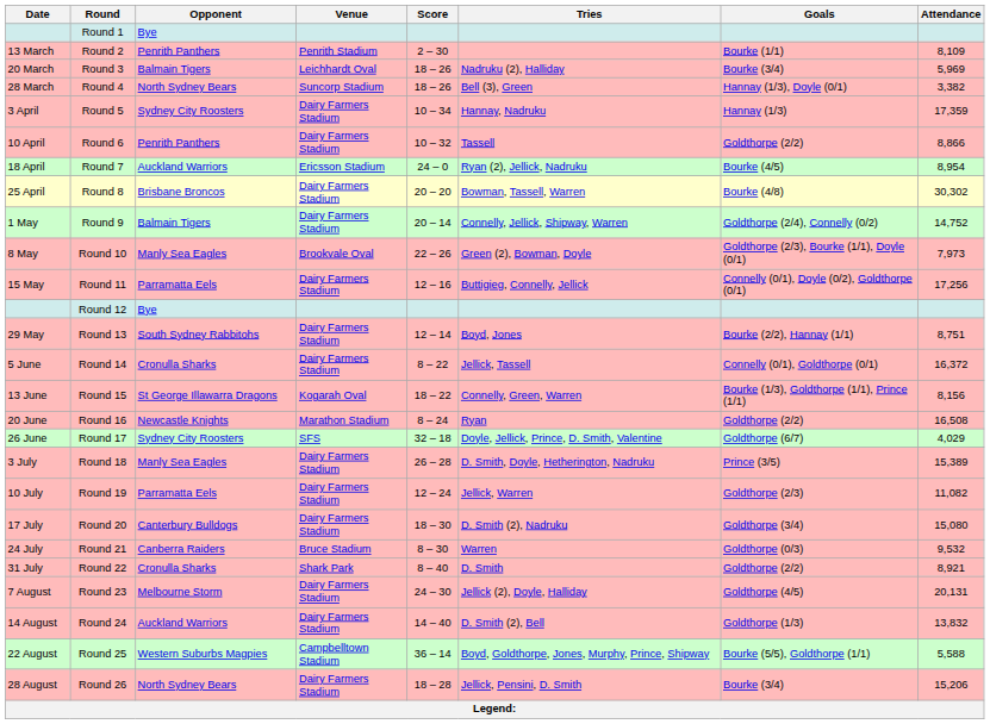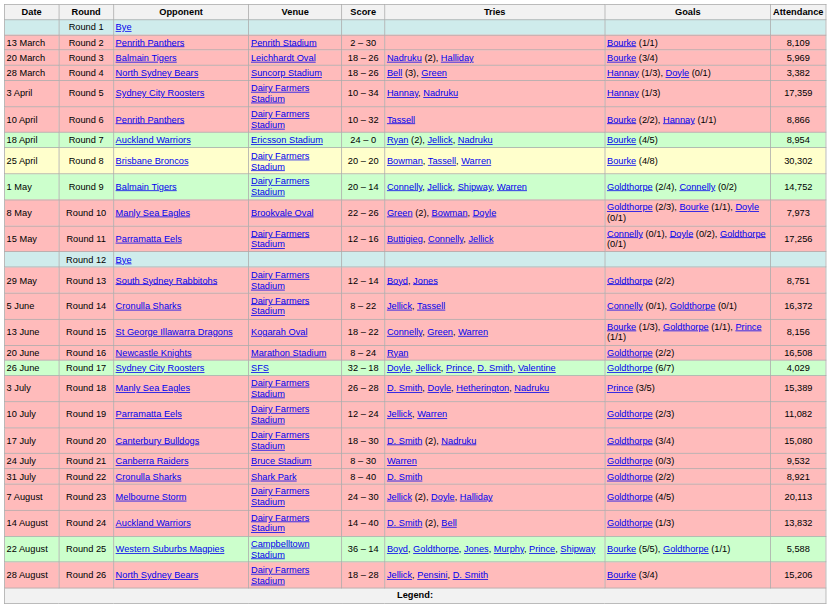 <table class="wikitable" style="font-size:75%;">
 <tr>
 <th style="width:65px;">Date</th>
 <th style="width:65px;">Round</th>
 <th style="width:170px;">Opponent</th>
 <th style="width:115px;">Venue</th>
 <th style="width:50px;">Score</th>
 <th style="width:280px;">Tries</th>
 <th style="width:210px;">Goals</th>
 <th style="width:60px;">Attendance</th>
 </tr>
 <tr style="background:#cfecec;">
 <td></td>
 <td style="text-align:center;">Round 1</td>
 <td><a href='#'>Bye</a></td>
 <td></td>
 <td></td>
 <td></td>
 <td></td>
 <td></td>
 </tr>
 <tr style="background:#FFBBBB">
 <td>13 March</td>
 <td style="text-align:center;">Round 2</td>
 <td> <a href='#'>Penrith Panthers</a></td>
 <td><a href='#'>Penrith Stadium</a></td>
 <td style="text-align:center;">2 – 30</td>
 <td></td>
 <td><a href='#'>Bourke</a> (1/1)</td>
 <td style="text-align:center;">8,109</td>
 </tr>
 <tr style="background:#FFBBBB">
 <td>20 March</td>
 <td style="text-align:center;">Round 3</td>
 <td> <a href='#'>Balmain Tigers</a></td>
 <td><a href='#'>Leichhardt Oval</a></td>
 <td style="text-align:center;">18 – 26</td>
 <td><a href='#'>Nadruku</a> (2), <a href='#'>Halliday</a></td>
 <td><a href='#'>Bourke</a> (3/4)</td>
 <td style="text-align:center;">5,969</td>
 </tr>
 <tr style="background:#FFBBBB">
 <td>28 March</td>
 <td style="text-align:center;">Round 4</td>
 <td> <a href='#'>North Sydney Bears</a></td>
 <td><a href='#'>Suncorp Stadium</a></td>
 <td style="text-align:center;">18 – 26</td>
 <td><a href='#'>Bell</a> (3), <a href='#'>Green</a></td>
 <td><a href='#'>Hannay</a> (1/3), <a href='#'>Doyle</a> (0/1)</td>
 <td style="text-align:center;">3,382</td>
 </tr>
 <tr style="background:#FFBBBB">
 <td>3 April</td>
 <td style="text-align:center;">Round 5</td>
 <td> <a href='#'>Sydney City Roosters</a></td>
 <td><a href='#'>Dairy Farmers Stadium</a></td>
 <td style="text-align:center;">10 – 34</td>
 <td><a href='#'>Hannay</a>, <a href='#'>Nadruku</a></td>
 <td><a href='#'>Hannay</a> (1/3)</td>
 <td style="text-align:center;">17,359</td>
 </tr>
 <tr style="background:#FFBBBB">
 <td>10 April</td>
 <td style="text-align:center;">Round 6</td>
 <td> <a href='#'>Penrith Panthers</a></td>
 <td><a href='#'>Dairy Farmers Stadium</a></td>
 <td style="text-align:center;">10 – 32</td>
 <td><a href='#'>Tassell</a></td>
-<td><a href='#'>Goldthorpe</a> (2/2)</td>
+<td><a href='#'>Bourke</a> (2/2), <a href='#'>Hannay</a> (1/1)</td>
 <td style="text-align:center;">8,866</td>
 </tr>
 <tr style="background:#CCFFCC">
 <td>18 April</td>
 <td style="text-align:center;">Round 7</td>
 <td> <a href='#'>Auckland Warriors</a></td>
 <td><a href='#'>Ericsson Stadium</a></td>
 <td style="text-align:center;">24 – 0</td>
 <td><a href='#'>Ryan</a> (2), <a href='#'>Jellick</a>, <a href='#'>Nadruku</a></td>
 <td><a href='#'>Bourke</a> (4/5)</td>
 <td style="text-align:center;">8,954</td>
 </tr>
 <tr style="background:#FFFFCC">
 <td>25 April</td>
 <td style="text-align:center;">Round 8</td>
 <td> <a href='#'>Brisbane Broncos</a></td>
 <td><a href='#'>Dairy Farmers Stadium</a></td>
 <td style="text-align:center;">20 – 20</td>
 <td><a href='#'>Bowman</a>, <a href='#'>Tassell</a>, <a href='#'>Warren</a></td>
 <td><a href='#'>Bourke</a> (4/8)</td>
 <td style="text-align:center;">30,302</td>
 </tr>
 <tr style="background:#CCFFCC">
 <td>1 May</td>
 <td style="text-align:center;">Round 9</td>
 <td> <a href='#'>Balmain Tigers</a></td>
 <td><a href='#'>Dairy Farmers Stadium</a></td>
 <td style="text-align:center;">20 – 14</td>
 <td><a href='#'>Connelly</a>, <a href='#'>Jellick</a>, <a href='#'>Shipway</a>, <a href='#'>Warren</a></td>
 <td><a href='#'>Goldthorpe</a> (2/4), <a href='#'>Connelly</a> (0/2)</td>
 <td style="text-align:center;">14,752</td>
 </tr>
 <tr style="background:#FFBBBB">
 <td>8 May</td>
 <td style="text-align:center;">Round 10</td>
 <td> <a href='#'>Manly Sea Eagles</a></td>
 <td><a href='#'>Brookvale Oval</a></td>
 <td style="text-align:center;">22 – 26</td>
 <td><a href='#'>Green</a> (2), <a href='#'>Bowman</a>, <a href='#'>Doyle</a></td>
 <td><a href='#'>Goldthorpe</a> (2/3), <a href='#'>Bourke</a> (1/1), <a href='#'>Doyle</a> (0/1)</td>
 <td style="text-align:center;">7,973</td>
 </tr>
 <tr style="background:#FFBBBB">
 <td>15 May</td>
 <td style="text-align:center;">Round 11</td>
 <td> <a href='#'>Parramatta Eels</a></td>
 <td><a href='#'>Dairy Farmers Stadium</a></td>
 <td style="text-align:center;">12 – 16</td>
 <td><a href='#'>Buttigieg</a>, <a href='#'>Connelly</a>, <a href='#'>Jellick</a></td>
 <td><a href='#'>Connelly</a> (0/1), <a href='#'>Doyle</a> (0/2), <a href='#'>Goldthorpe</a> (0/1)</td>
 <td style="text-align:center;">17,256</td>
 </tr>
 <tr style="background:#cfecec;">
 <td></td>
 <td style="text-align:center;">Round 12</td>
 <td><a href='#'>Bye</a></td>
 <td></td>
 <td></td>
 <td></td>
 <td></td>
 <td></td>
 </tr>
 <tr style="background:#FFBBBB">
 <td>29 May</td>
 <td style="text-align:center;">Round 13</td>
 <td> <a href='#'>South Sydney Rabbitohs</a></td>
 <td><a href='#'>Dairy Farmers Stadium</a></td>
 <td style="text-align:center;">12 – 14</td>
 <td><a href='#'>Boyd</a>, <a href='#'>Jones</a></td>
-<td><a href='#'>Bourke</a> (2/2), <a href='#'>Hannay</a> (1/1)</td>
+<td><a href='#'>Goldthorpe</a> (2/2)</td>
 <td style="text-align:center;">8,751</td>
 </tr>
 <tr style="background:#FFBBBB">
 <td>5 June</td>
 <td style="text-align:center;">Round 14</td>
 <td> <a href='#'>Cronulla Sharks</a></td>
 <td><a href='#'>Dairy Farmers Stadium</a></td>
 <td style="text-align:center;">8 – 22</td>
 <td><a href='#'>Jellick</a>, <a href='#'>Tassell</a></td>
 <td><a href='#'>Connelly</a> (0/1), <a href='#'>Goldthorpe</a> (0/1)</td>
 <td style="text-align:center;">16,372</td>
 </tr>
 <tr style="background:#FFBBBB">
 <td>13 June</td>
 <td style="text-align:center;">Round 15</td>
 <td> <a href='#'>St George Illawarra Dragons</a></td>
 <td><a href='#'>Kogarah Oval</a></td>
 <td style="text-align:center;">18 – 22</td>
 <td><a href='#'>Connelly</a>, <a href='#'>Green</a>, <a href='#'>Warren</a></td>
 <td><a href='#'>Bourke</a> (1/3), <a href='#'>Goldthorpe</a> (1/1), <a href='#'>Prince</a> (1/1)</td>
 <td style="text-align:center;">8,156</td>
 </tr>
 <tr style="background:#FFBBBB">
 <td>20 June</td>
 <td style="text-align:center;">Round 16</td>
 <td> <a href='#'>Newcastle Knights</a></td>
 <td><a href='#'>Marathon Stadium</a></td>
 <td style="text-align:center;">8 – 24</td>
 <td><a href='#'>Ryan</a></td>
 <td><a href='#'>Goldthorpe</a> (2/2)</td>
 <td style="text-align:center;">16,508</td>
 </tr>
 <tr style="background:#CCFFCC">
 <td>26 June</td>
 <td style="text-align:center;">Round 17</td>
 <td> <a href='#'>Sydney City Roosters</a></td>
 <td><a href='#'>SFS</a></td>
 <td style="text-align:center;">32 – 18</td>
 <td><a href='#'>Doyle</a>, <a href='#'>Jellick</a>, <a href='#'>Prince</a>, <a href='#'>D. Smith</a>, <a href='#'>Valentine</a></td>
 <td><a href='#'>Goldthorpe</a> (6/7)</td>
 <td style="text-align:center;">4,029</td>
 </tr>
 <tr style="background:#FFBBBB">
 <td>3 July</td>
 <td style="text-align:center;">Round 18</td>
 <td> <a href='#'>Manly Sea Eagles</a></td>
 <td><a href='#'>Dairy Farmers Stadium</a></td>
 <td style="text-align:center;">26 – 28</td>
 <td><a href='#'>D. Smith</a>, <a href='#'>Doyle</a>, <a href='#'>Hetherington</a>, <a href='#'>Nadruku</a></td>
 <td><a href='#'>Prince</a> (3/5)</td>
 <td style="text-align:center;">15,389</td>
 </tr>
 <tr style="background:#FFBBBB">
 <td>10 July</td>
 <td style="text-align:center;">Round 19</td>
 <td> <a href='#'>Parramatta Eels</a></td>
 <td><a href='#'>Dairy Farmers Stadium</a></td>
 <td style="text-align:center;">12 – 24</td>
 <td><a href='#'>Jellick</a>, <a href='#'>Warren</a></td>
 <td><a href='#'>Goldthorpe</a> (2/3)</td>
 <td style="text-align:center;">11,082</td>
 </tr>
 <tr style="background:#FFBBBB">
 <td>17 July</td>
 <td style="text-align:center;">Round 20</td>
 <td> <a href='#'>Canterbury Bulldogs</a></td>
 <td><a href='#'>Dairy Farmers Stadium</a></td>
 <td style="text-align:center;">18 – 30</td>
 <td><a href='#'>D. Smith</a> (2), <a href='#'>Nadruku</a></td>
 <td><a href='#'>Goldthorpe</a> (3/4)</td>
 <td style="text-align:center;">15,080</td>
 </tr>
 <tr style="background:#FFBBBB">
 <td>24 July</td>
 <td style="text-align:center;">Round 21</td>
 <td> <a href='#'>Canberra Raiders</a></td>
 <td><a href='#'>Bruce Stadium</a></td>
 <td style="text-align:center;">8 – 30</td>
 <td><a href='#'>Warren</a></td>
 <td><a href='#'>Goldthorpe</a> (0/3)</td>
 <td style="text-align:center;">9,532</td>
 </tr>
 <tr style="background:#FFBBBB">
 <td>31 July</td>
 <td style="text-align:center;">Round 22</td>
 <td> <a href='#'>Cronulla Sharks</a></td>
 <td><a href='#'>Shark Park</a></td>
 <td style="text-align:center;">8 – 40</td>
 <td><a href='#'>D. Smith</a></td>
 <td><a href='#'>Goldthorpe</a> (2/2)</td>
 <td style="text-align:center;">8,921</td>
 </tr>
 <tr style="background:#FFBBBB">
 <td>7 August</td>
 <td style="text-align:center;">Round 23</td>
 <td> <a href='#'>Melbourne Storm</a></td>
 <td><a href='#'>Dairy Farmers Stadium</a></td>
 <td style="text-align:center;">24 – 30</td>
 <td><a href='#'>Jellick</a> (2), <a href='#'>Doyle</a>, <a href='#'>Halliday</a></td>
 <td><a href='#'>Goldthorpe</a> (4/5)</td>
-<td style="text-align:center;">20,131</td>
+<td style="text-align:center;">20,113</td>
 </tr>
 <tr style="background:#FFBBBB">
 <td>14 August</td>
 <td style="text-align:center;">Round 24</td>
 <td> <a href='#'>Auckland Warriors</a></td>
 <td><a href='#'>Dairy Farmers Stadium</a></td>
 <td style="text-align:center;">14 – 40</td>
 <td><a href='#'>D. Smith</a> (2), <a href='#'>Bell</a></td>
 <td><a href='#'>Goldthorpe</a> (1/3)</td>
 <td style="text-align:center;">13,832</td>
 </tr>
 <tr style="background:#CCFFCC">
 <td>22 August</td>
 <td style="text-align:center;">Round 25</td>
 <td> <a href='#'>Western Suburbs Magpies</a></td>
 <td><a href='#'>Campbelltown Stadium</a></td>
 <td style="text-align:center;">36 – 14</td>
 <td><a href='#'>Boyd</a>, <a href='#'>Goldthorpe</a>, <a href='#'>Jones</a>, <a href='#'>Murphy</a>, <a href='#'>Prince</a>, <a href='#'>Shipway</a></td>
 <td><a href='#'>Bourke</a> (5/5), <a href='#'>Goldthorpe</a> (1/1)</td>
 <td style="text-align:center;">5,588</td>
 </tr>
 <tr style="background:#FFBBBB">
 <td>28 August</td>
 <td style="text-align:center;">Round 26</td>
 <td> <a href='#'>North Sydney Bears</a></td>
 <td><a href='#'>Dairy Farmers Stadium</a></td>
 <td style="text-align:center;">18 – 28</td>
 <td><a href='#'>Jellick</a>, <a href='#'>Pensini</a>, <a href='#'>D. Smith</a></td>
 <td><a href='#'>Bourke</a> (3/4)</td>
 <td style="text-align:center;">15,206</td>
 </tr>
 <tr>
 <th colspan="11"><strong>Legend</strong>:    </th>
 </tr>
 </table>
